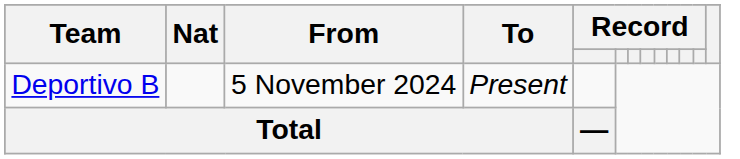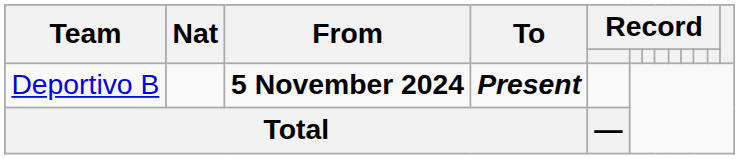 <table class="wikitable" style="text-align: center">
 <tr>
 <th rowspan="2">Team</th>
 <th rowspan="2">Nat</th>
 <th rowspan="2">From</th>
 <th rowspan="2">To</th>
 <th colspan="8">Record</th>
 <th rowspan=2></th>
 </tr>
 <tr>
 <th></th>
 <th></th>
 <th></th>
 <th></th>
 <th></th>
 <th></th>
 <th></th>
 <th></th>
 </tr>
 <tr>
 <td align="left"><a href='#'>Deportivo B</a></td>
 <td></td>
-<td align=left>5 November 2024</td>
-<td align=left><em>Present</em><br></td>
+<td align=left><strong>5 November 2024</strong></td>
+<td align=left><strong><em>Present</em><br></strong></td>
 <td></td>
 </tr>
 <tr>
 <th colspan="4">Total<br></th>
 <th>—</th>
 </tr>
 </table>
